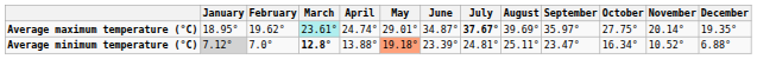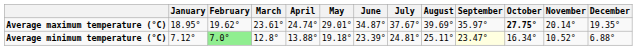 <table class="wikitable">
 <tr>
 <th></th>
 <th>January</th>
 <th>February</th>
 <th>March</th>
 <th>April</th>
 <th>May</th>
 <th>June</th>
 <th>July</th>
 <th>August</th>
 <th>September</th>
 <th>October</th>
 <th>November</th>
 <th>December</th>
 </tr>
 <tr>
 <td><strong>Average maximum temperature (°C)</strong></td>
 <td>18.95°</td>
 <td>19.62°</td>
-<td style="background: paleturquoise;">23.61°</td>
+<td>23.61°</td>
 <td>24.74°</td>
 <td>29.01°</td>
 <td>34.87°</td>
-<td><strong>37.67°</strong></td>
+<td>37.67°</td>
 <td>39.69°</td>
 <td>35.97°</td>
-<td>27.75°</td>
+<td><strong>27.75°</strong></td>
 <td>20.14°</td>
 <td>19.35°</td>
 </tr>
 <tr>
 <td><strong>Average minimum temperature (°C)</strong></td>
-<td style="background: lightgrey;">7.12°</td>
-<td>7.0°</td>
-<td><strong>12.8°</strong></td>
+<td>7.12°</td>
+<td style="background: lightgreen;">7.0°</td>
+<td>12.8°</td>
 <td>13.88°</td>
-<td style="background: lightsalmon;">19.18°</td>
+<td>19.18°</td>
 <td>23.39°</td>
 <td>24.81°</td>
 <td>25.11°</td>
-<td>23.47°</td>
+<td style="background: lightyellow;">23.47°</td>
 <td>16.34°</td>
 <td>10.52°</td>
 <td>6.88°</td>
 </tr>
 </table>
